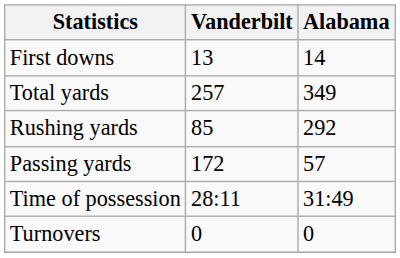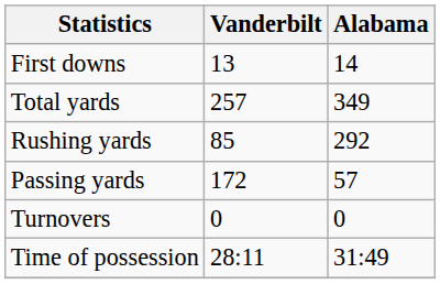 <table class="wikitable" style="float: left;">
 <tr>
 <th>Statistics</th>
 <th style=>Vanderbilt</th>
 <th>Alabama</th>
 </tr>
 <tr>
 <td>First downs</td>
 <td>13</td>
 <td>14</td>
 </tr>
 <tr>
 <td>Total yards</td>
 <td>257</td>
 <td>349</td>
 </tr>
 <tr>
 <td>Rushing yards</td>
 <td>85</td>
 <td>292</td>
 </tr>
 <tr>
 <td>Passing yards</td>
 <td>172</td>
 <td>57</td>
 </tr>
 <tr>
+<td>Turnovers</td>
+<td>0</td>
+<td>0</td>
+</tr>
+<tr>
 <td>Time of possession</td>
 <td>28:11</td>
 <td>31:49</td>
 </tr>
 <tr>
-<td>Turnovers</td>
-<td>0</td>
-<td>0</td>
-</tr>
-<tr>
 </tr>
 </table>
